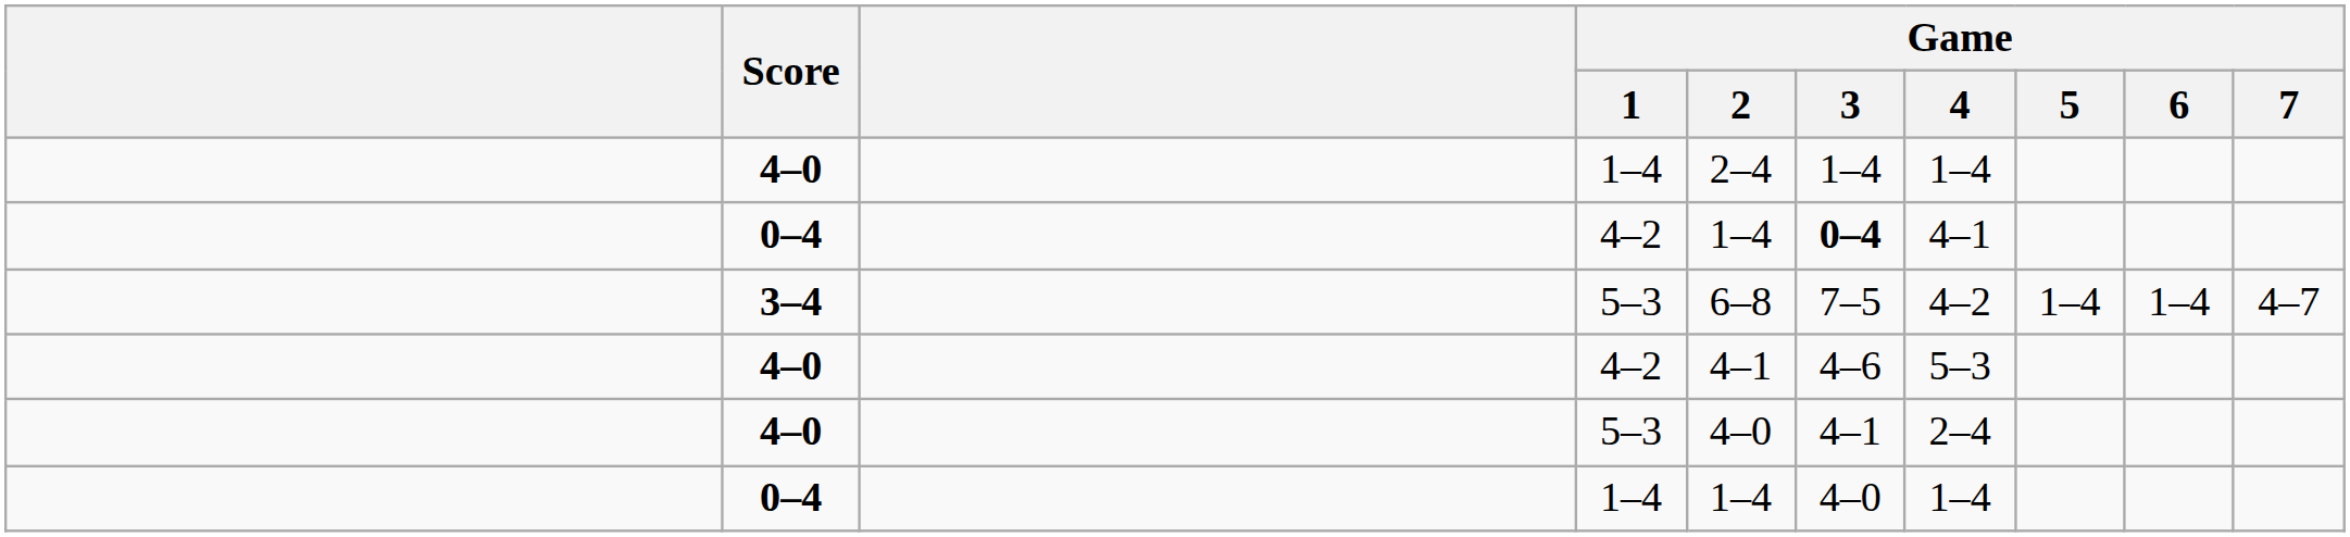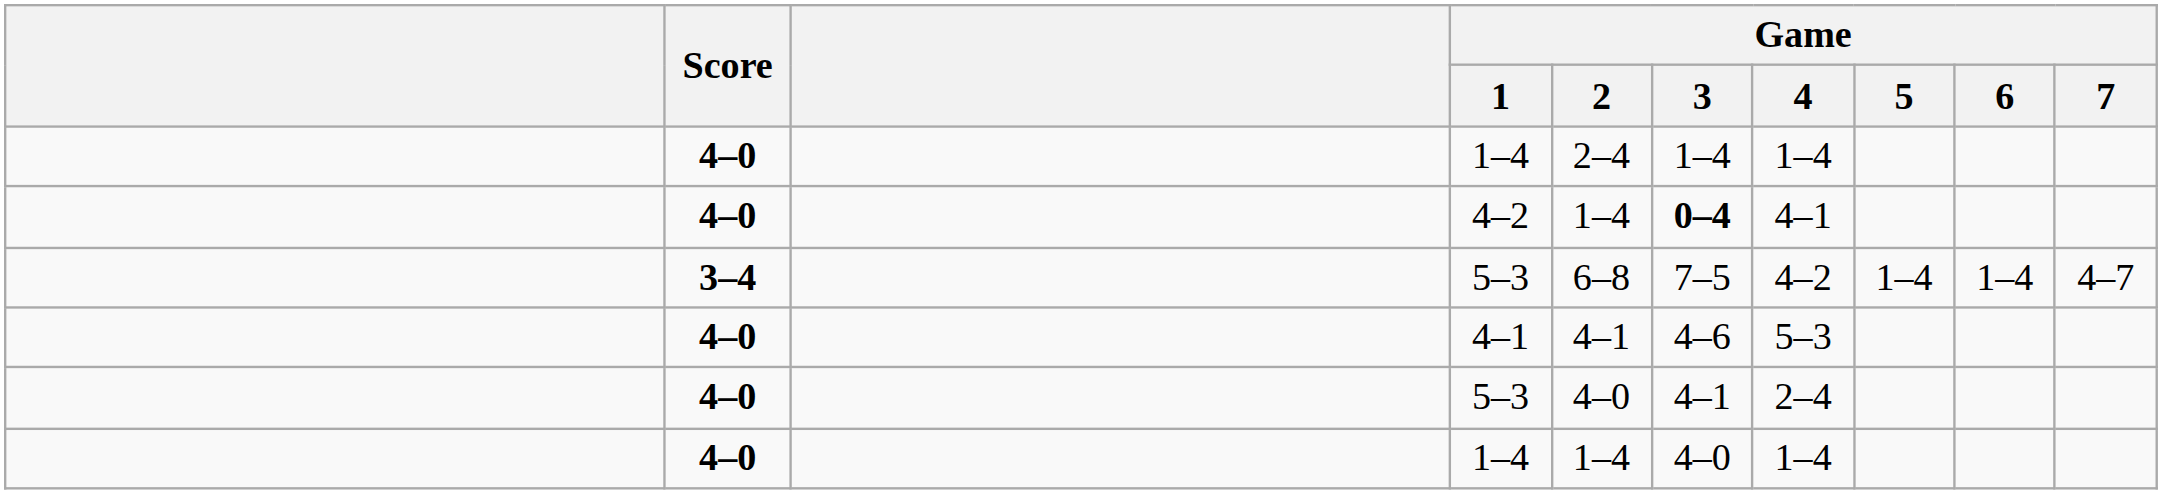 <table class="wikitable" style="text-align: center;">
 <tr>
 <th rowspan=2 align="right" width="270"></th>
 <th rowspan=2 width="45">Score</th>
 <th rowspan=2 align="left" width="270"></th>
 <th colspan=7>Game</th>
 </tr>
 <tr>
 <th width="35">1</th>
 <th width="35">2</th>
 <th width="35">3</th>
 <th width="35">4</th>
 <th width="35">5</th>
 <th width="35">6</th>
 <th width="35">7</th>
 </tr>
 <tr>
 <td align=left></td>
 <td align=center><strong>4–0</strong></td>
 <td align=left><strong></strong></td>
 <td>1–4</td>
 <td>2–4</td>
 <td>1–4</td>
 <td>1–4</td>
 <td></td>
 <td></td>
 <td></td>
 </tr>
 <tr>
 <td align=left></td>
-<td align=center><strong>0–4</strong></td>
+<td align=center><strong>4–0</strong></td>
 <td align=left><strong></strong></td>
 <td>4–2</td>
 <td>1–4</td>
 <td><strong>0–4</strong></td>
 <td>4–1</td>
 <td></td>
 <td></td>
 <td></td>
 </tr>
 <tr>
 <td align=left></td>
 <td align=center><strong>3–4</strong></td>
 <td align=left><strong></strong></td>
 <td>5–3</td>
 <td>6–8</td>
 <td>7–5</td>
 <td>4–2</td>
 <td>1–4</td>
 <td>1–4</td>
 <td>4–7</td>
 </tr>
 <tr>
 <td align=left><strong></strong></td>
 <td align=center><strong>4–0</strong></td>
 <td align=left></td>
-<td>4–2</td>
+<td>4–1</td>
 <td>4–1</td>
 <td>4–6</td>
 <td>5–3</td>
 <td></td>
 <td></td>
 <td></td>
 </tr>
 <tr>
 <td align=left><strong></strong></td>
 <td align=center><strong>4–0</strong></td>
 <td align=left></td>
 <td>5–3</td>
 <td>4–0</td>
 <td>4–1</td>
 <td>2–4</td>
 <td></td>
 <td></td>
 <td></td>
 </tr>
 <tr>
 <td align=left></td>
-<td align=center><strong>0–4</strong></td>
+<td align=center><strong>4–0</strong></td>
 <td align=left><strong></strong></td>
 <td>1–4</td>
 <td>1–4</td>
 <td>4–0</td>
 <td>1–4</td>
 <td></td>
 <td></td>
 <td></td>
 </tr>
 </table>
